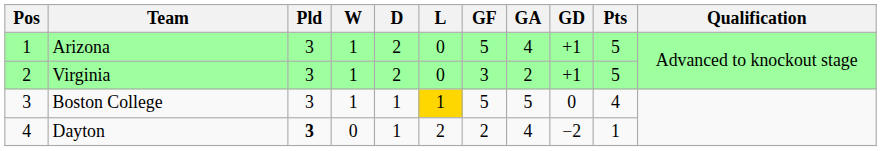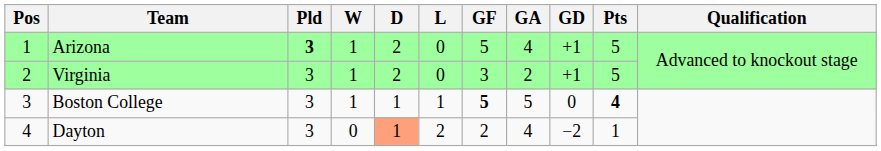 <table class="wikitable" style="text-align:center; margin: 1em auto">
 <tr>
 <th style="width:2em">Pos</th>
 <th style="width:13em">Team</th>
 <th style="width:2em">Pld</th>
 <th style="width:2em">W</th>
 <th style="width:2em">D</th>
 <th style="width:2em">L</th>
 <th style="width:2em">GF</th>
 <th style="width:2em">GA</th>
 <th style="width:2em">GD</th>
 <th style="width:2em">Pts</th>
 <th style="width:13em">Qualification</th>
 </tr>
 <tr bgcolor="#9eff9e">
 <td>1</td>
 <td style="text-align:left">Arizona</td>
-<td>3</td>
+<td><strong>3</strong></td>
 <td>1</td>
 <td>2</td>
 <td>0</td>
 <td>5</td>
 <td>4</td>
 <td>+1</td>
 <td>5</td>
 <td rowspan="2">Advanced to knockout stage</td>
 </tr>
 <tr bgcolor="#9eff9e">
 <td>2</td>
 <td style="text-align:left">Virginia</td>
 <td>3</td>
 <td>1</td>
 <td>2</td>
 <td>0</td>
 <td>3</td>
 <td>2</td>
 <td>+1</td>
 <td>5</td>
 </tr>
 <tr>
 <td>3</td>
 <td style="text-align:left">Boston College</td>
 <td>3</td>
 <td>1</td>
 <td>1</td>
-<td style="background: gold;">1</td>
-<td>5</td>
+<td>1</td>
+<td><strong>5</strong></td>
 <td>5</td>
 <td>0</td>
-<td>4</td>
+<td><strong>4</strong></td>
 </tr>
 <tr>
 <td>4</td>
 <td style="text-align:left">Dayton</td>
-<td><strong>3</strong></td>
+<td>3</td>
 <td>0</td>
-<td>1</td>
+<td style="background: lightsalmon;">1</td>
 <td>2</td>
 <td>2</td>
 <td>4</td>
 <td>−2</td>
 <td>1</td>
 </tr>
 </table>
